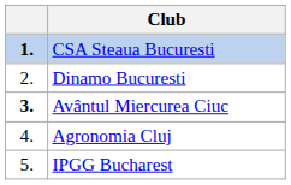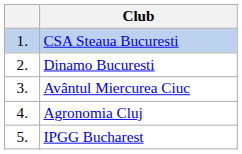 <table class="wikitable">
 <tr>
 <th width="30"></th>
 <th width="200">Club</th>
 </tr>
 <tr bgcolor="#BCD2EE" align="center">
-<td><strong>1.</strong></td>
+<td>1.</td>
 <td align="left"><a href='#'>CSA Steaua Bucuresti</a></td>
 </tr>
 <tr bgcolor="#FFFFFF" align="center">
 <td>2.</td>
 <td align="left"><a href='#'>Dinamo Bucuresti</a></td>
 </tr>
 <tr bgcolor="#FFFFFF" align="center">
-<td><strong>3.</strong></td>
+<td>3.</td>
 <td align="left"><a href='#'>Avântul Miercurea Ciuc</a></td>
 </tr>
 <tr bgcolor="#FFFFFF" align="center">
 <td>4.</td>
 <td align="left"><a href='#'>Agronomia Cluj</a></td>
 </tr>
 <tr bgcolor="#FFFFFF" align="center">
 <td>5.</td>
 <td align="left"><a href='#'>IPGG Bucharest</a></td>
 </tr>
 </table>
